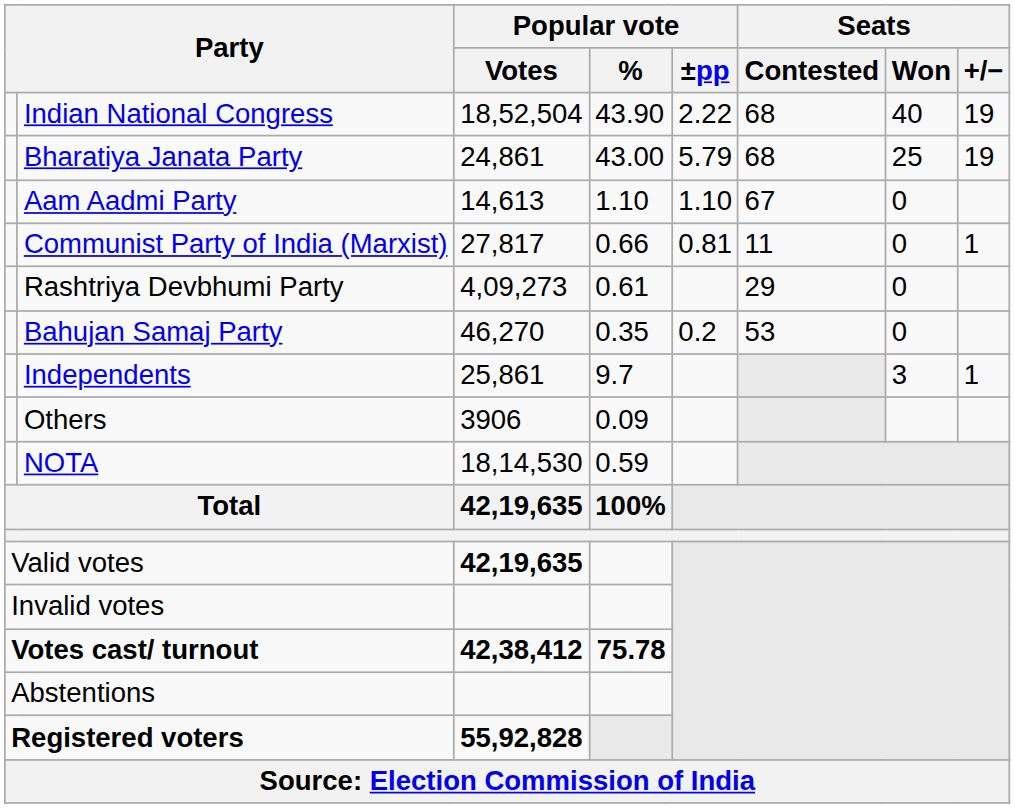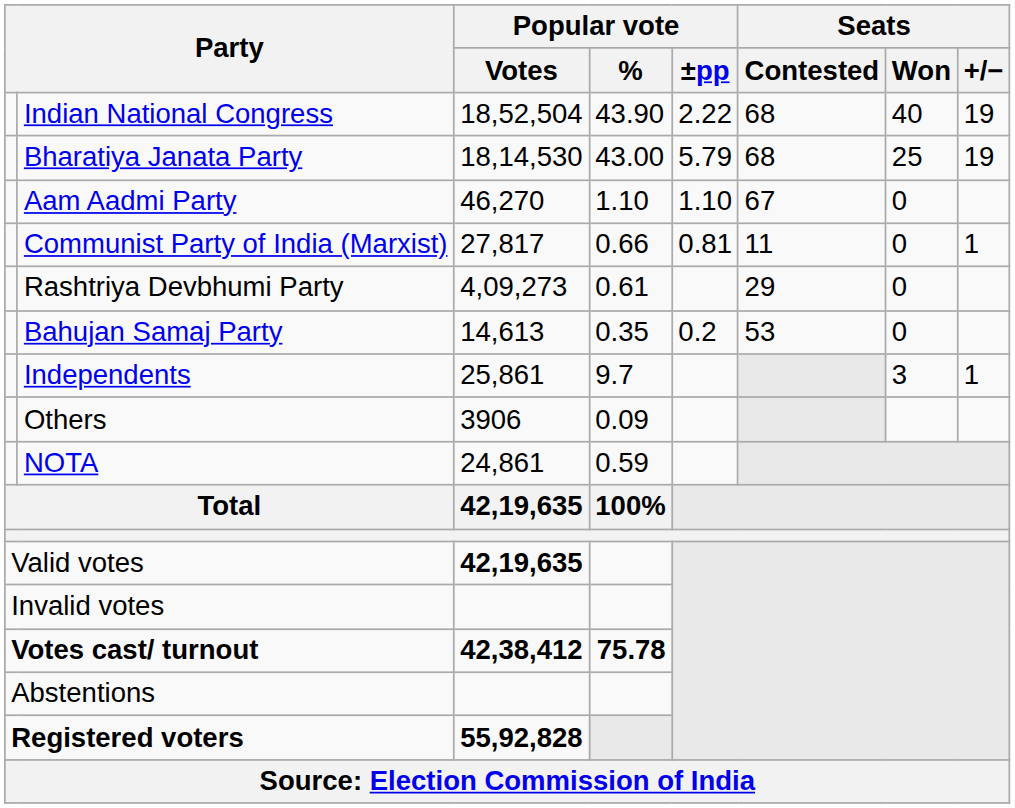 <table class="wikitable">
 <tr>
 <th colspan="2" rowspan="2">Party</th>
 <th colspan="3">Popular vote</th>
 <th colspan="3">Seats</th>
 </tr>
 <tr>
 <th>Votes</th>
 <th>%</th>
 <th>±<a href='#'>pp</a></th>
 <th>Contested</th>
 <th>Won</th>
 <th><strong>+/−</strong></th>
 </tr>
 <tr>
 <td></td>
 <td><a href='#'>Indian National Congress</a></td>
 <td>18,52,504</td>
 <td>43.90</td>
 <td> 2.22</td>
 <td>68</td>
 <td>40</td>
 <td> 19</td>
 </tr>
 <tr>
 <td></td>
 <td><a href='#'>Bharatiya Janata Party</a></td>
-<td>24,861</td>
+<td>18,14,530</td>
 <td>43.00</td>
 <td> 5.79</td>
 <td>68</td>
 <td>25</td>
 <td> 19</td>
 </tr>
 <tr>
 <td></td>
 <td><a href='#'>Aam Aadmi Party</a></td>
-<td>14,613</td>
+<td>46,270</td>
 <td>1.10</td>
 <td> 1.10</td>
 <td>67</td>
 <td>0</td>
 <td></td>
 </tr>
 <tr>
 <td></td>
 <td><a href='#'>Communist Party of India (Marxist)</a></td>
 <td>27,817</td>
 <td>0.66</td>
 <td> 0.81</td>
 <td>11</td>
 <td>0</td>
 <td> 1</td>
 </tr>
 <tr>
 <td></td>
 <td>Rashtriya Devbhumi Party</td>
 <td>4,09,273</td>
 <td>0.61</td>
 <td></td>
 <td>29</td>
 <td>0</td>
 <td></td>
 </tr>
 <tr>
 <td></td>
 <td><a href='#'>Bahujan Samaj Party</a></td>
-<td>46,270</td>
+<td>14,613</td>
 <td>0.35</td>
 <td> 0.2</td>
 <td>53</td>
 <td>0</td>
 <td></td>
 </tr>
 <tr>
 <td></td>
 <td><a href='#'>Independents</a></td>
 <td>25,861</td>
 <td>9.7</td>
 <td></td>
 <td style="background-color:#E9E9E9"></td>
 <td>3</td>
 <td> 1</td>
 </tr>
 <tr>
 <td></td>
 <td>Others</td>
 <td>3906</td>
 <td>0.09</td>
 <td></td>
 <td style="background-color:#E9E9E9"></td>
 <td></td>
 <td></td>
 </tr>
 <tr>
 <td></td>
 <td><a href='#'>NOTA</a></td>
-<td>18,14,530</td>
+<td>24,861</td>
 <td>0.59</td>
 <td></td>
 <th colspan="3" style="background-color:#E9E9E9"></th>
 </tr>
 <tr>
 <th colspan="2">Total</th>
 <th>42,19,635</th>
 <th>100%</th>
 <th colspan="4" style="background-color:#E9E9E9"></th>
 </tr>
 <tr>
 <th colspan="8"></th>
 </tr>
 <tr>
 <td colspan="2">Valid votes</td>
 <td align="right"><strong>42,19,635</strong></td>
 <td align="right"></td>
 <th colspan="4" rowspan="5" style="background-color:#E9E9E9"></th>
 </tr>
 <tr>
 <td colspan="2">Invalid votes</td>
 <td align="right"></td>
 <td align="right"></td>
 </tr>
 <tr>
 <td colspan="2"><strong>Votes cast/ turnout</strong></td>
 <td align="right"><strong>42,38,412</strong></td>
 <td align="right"><strong>75.78</strong></td>
 </tr>
 <tr>
 <td colspan="2">Abstentions</td>
 <td align="right"></td>
 <td align="right"></td>
 </tr>
 <tr>
 <td colspan="2"><strong>Registered voters</strong></td>
 <td align="right"><strong>55,92,828</strong></td>
 <td style="background-color:#E9E9E9"></td>
 </tr>
 <tr>
 <th colspan="8">Source: <a href='#'>Election Commission of India</a></th>
 </tr>
 </table>
